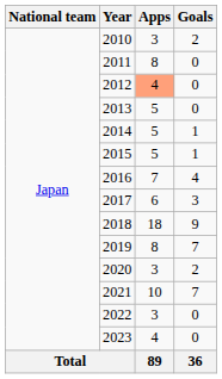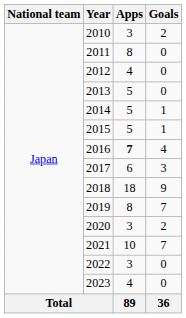 <table class="wikitable" style="text-align:center">
 <tr>
 <th>National team</th>
 <th>Year</th>
 <th>Apps</th>
 <th>Goals</th>
 </tr>
 <tr>
 <td rowspan="14"><a href='#'>Japan</a></td>
 <td>2010</td>
 <td>3</td>
 <td>2</td>
 </tr>
 <tr>
 <td>2011</td>
 <td>8</td>
 <td>0</td>
 </tr>
 <tr>
 <td>2012</td>
-<td style="background: lightsalmon;">4</td>
+<td>4</td>
 <td>0</td>
 </tr>
 <tr>
 <td>2013</td>
 <td>5</td>
 <td>0</td>
 </tr>
 <tr>
 <td>2014</td>
 <td>5</td>
 <td>1</td>
 </tr>
 <tr>
 <td>2015</td>
 <td>5</td>
 <td>1</td>
 </tr>
 <tr>
 <td>2016</td>
-<td>7</td>
+<td><strong>7</strong></td>
 <td>4</td>
 </tr>
 <tr>
 <td>2017</td>
 <td>6</td>
 <td>3</td>
 </tr>
 <tr>
 <td>2018</td>
 <td>18</td>
 <td>9</td>
 </tr>
 <tr>
 <td>2019</td>
 <td>8</td>
 <td>7</td>
 </tr>
 <tr>
 <td>2020</td>
 <td>3</td>
 <td>2</td>
 </tr>
 <tr>
 <td>2021</td>
 <td>10</td>
 <td>7</td>
 </tr>
 <tr>
 <td>2022</td>
 <td>3</td>
 <td>0</td>
 </tr>
 <tr>
 <td>2023</td>
 <td>4</td>
 <td>0</td>
 </tr>
 <tr>
 <th colspan="2">Total</th>
 <th>89</th>
 <th>36</th>
 </tr>
 </table>
